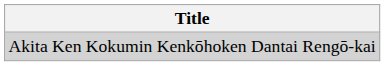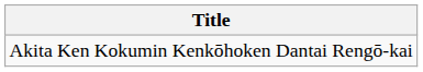 <table class="wikitable">
 <tr>
 <th>Title</th>
 </tr>
 <tr>
-<td style="background: lightgrey;">Akita Ken Kokumin Kenkōhoken Dantai Rengō-kai</td>
+<td>Akita Ken Kokumin Kenkōhoken Dantai Rengō-kai</td>
 </tr>
 </table>
